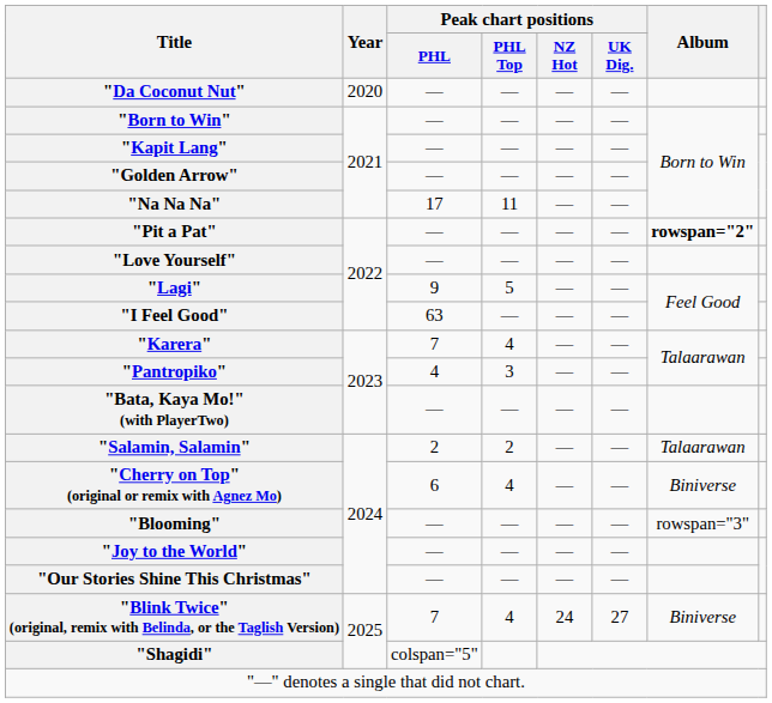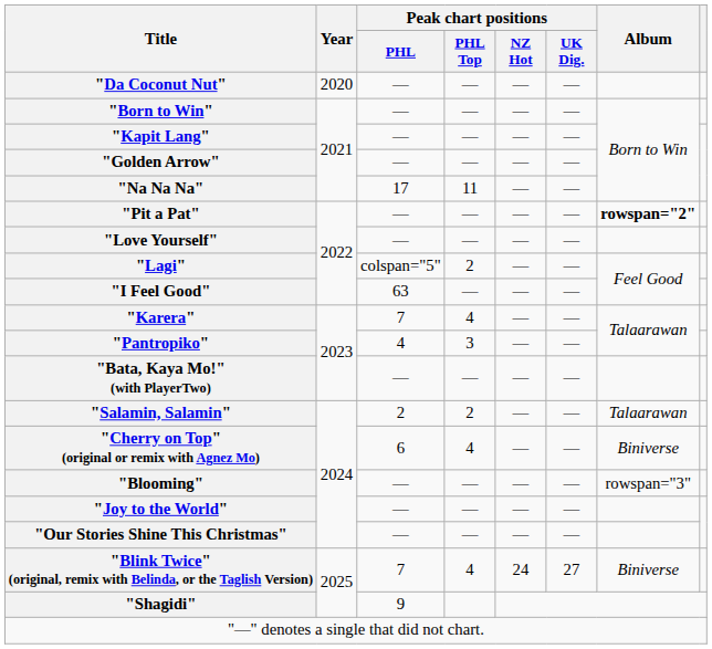 <table class="wikitable plainrowheaders" style="text-align:center;">
 <tr>
 <th scope="col" rowspan="2">Title</th>
 <th scope="col" rowspan="2">Year</th>
 <th colspan="4" scope="colgroup">Peak chart positions</th>
 <th rowspan="2" scope="col">Album</th>
 <th rowspan="2" scope="col"></th>
 </tr>
 <tr>
 <th scope="col" style="width:3em;font-size:90%;"><a href='#'>PHL</a><br></th>
 <th scope="col" style="width:3em;font-size:90%;"><a href='#'>PHL Top</a><br></th>
 <th scope="col" style="width:3em;font-size:90%;"><a href='#'>NZ Hot</a><br></th>
 <th scope="col" style="width:3em;font-size:90%;"><a href='#'>UK Dig.</a><br></th>
 </tr>
 <tr>
 <th scope="row">"<a href='#'>Da Coconut Nut</a>"</th>
 <td>2020</td>
 <td>—</td>
 <td>—</td>
 <td>—</td>
 <td>—</td>
 <td></td>
 <td></td>
 </tr>
 <tr>
 <th scope="row">"<a href='#'>Born to Win</a>"</th>
 <td rowspan="4">2021</td>
 <td>—</td>
 <td>—</td>
 <td>—</td>
 <td>—</td>
 <td rowspan="4"><em>Born to Win</em></td>
 <td></td>
 </tr>
 <tr>
 <th scope="row">"<a href='#'>Kapit Lang</a>"</th>
 <td>—</td>
 <td>—</td>
 <td>—</td>
 <td>—</td>
 <td rowspan="3"></td>
 </tr>
 <tr>
 <th scope="row">"Golden Arrow"</th>
 <td>—</td>
 <td>—</td>
 <td>—</td>
 <td>—</td>
 </tr>
 <tr>
 <th scope="row">"Na Na Na"</th>
 <td>17</td>
 <td>11</td>
 <td>—</td>
 <td>—</td>
 </tr>
 <tr>
 <th scope="row">"Pit a Pat"</th>
 <td rowspan="4">2022</td>
 <td>—</td>
 <td>—</td>
 <td>—</td>
 <td>—</td>
 <td><strong>rowspan="2" </strong></td>
 <td></td>
 </tr>
 <tr>
 <th scope="row">"Love Yourself"</th>
 <td>—</td>
 <td>—</td>
 <td>—</td>
 <td>—</td>
 <td></td>
 </tr>
 <tr>
 <th scope="row">"<a href='#'>Lagi</a>"</th>
-<td>9</td>
-<td>5</td>
+<td>colspan="5" </td>
+<td>2</td>
 <td>—</td>
 <td>—</td>
 <td rowspan="2"><em>Feel Good</em></td>
 <td></td>
 </tr>
 <tr>
 <th scope="row">"I Feel Good"</th>
 <td>63</td>
 <td>—</td>
 <td>—</td>
 <td>—</td>
 <td></td>
 </tr>
 <tr>
 <th scope="row">"<a href='#'>Karera</a>"</th>
 <td rowspan="3">2023</td>
 <td>7</td>
 <td>4</td>
 <td>—</td>
 <td>—</td>
 <td rowspan="2"><em>Talaarawan</em></td>
 <td></td>
 </tr>
 <tr>
 <th scope="row">"<a href='#'>Pantropiko</a>"</th>
 <td>4</td>
 <td>3</td>
 <td>—</td>
 <td>—</td>
 <td></td>
 </tr>
 <tr>
 <th scope="row">"Bata, Kaya Mo!"<br><small>(with PlayerTwo)</small></th>
 <td>—</td>
 <td>—</td>
 <td>—</td>
 <td>—</td>
 <td></td>
 <td></td>
 </tr>
 <tr>
 <th scope="row">"<a href='#'>Salamin, Salamin</a>"</th>
 <td rowspan="5">2024</td>
 <td>2</td>
 <td>2</td>
 <td>—</td>
 <td>—</td>
 <td><em>Talaarawan</em></td>
 <td></td>
 </tr>
 <tr>
 <th scope="row">"<a href='#'>Cherry on Top</a>"<br><small>(original or remix with <a href='#'>Agnez Mo</a>)</small></th>
 <td>6</td>
 <td>4</td>
 <td>—</td>
 <td>—</td>
 <td><em>Biniverse</em></td>
 <td></td>
 </tr>
 <tr>
 <th scope="row">"Blooming"</th>
 <td>—</td>
 <td>—</td>
 <td>—</td>
 <td>—</td>
 <td>rowspan="3" </td>
 <td></td>
 </tr>
 <tr>
 <th scope="row">"<a href='#'>Joy to the World</a>"</th>
 <td>—</td>
 <td>—</td>
 <td>—</td>
 <td>—</td>
 <td></td>
 </tr>
 <tr>
 <th scope="row">"Our Stories Shine This Christmas"</th>
 <td>—</td>
 <td>—</td>
 <td>—</td>
 <td>—</td>
 <td></td>
 </tr>
 <tr>
 <th scope="row">"<a href='#'>Blink Twice</a>"<br><small>(original, remix with <a href='#'>Belinda</a>, or the <a href='#'>Taglish</a> Version)</small></th>
 <td rowspan="2">2025</td>
 <td>7</td>
 <td>4</td>
 <td>24</td>
 <td>27</td>
 <td><em>Biniverse</em></td>
 <td></td>
 </tr>
 <tr>
 <th scope="row">"Shagidi"</th>
-<td>colspan="5" </td>
+<td>9</td>
 <td></td>
 </tr>
 <tr>
 <td colspan="8">"—" denotes a single that did not chart.</td>
 </tr>
 </table>
